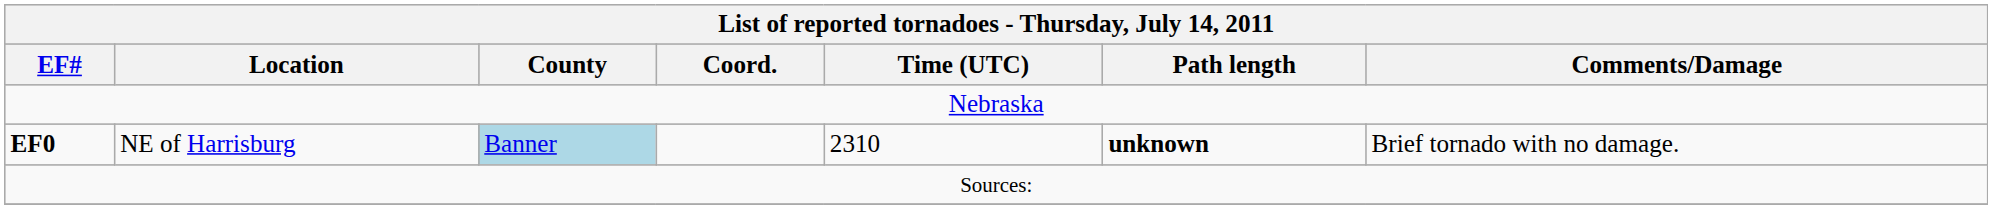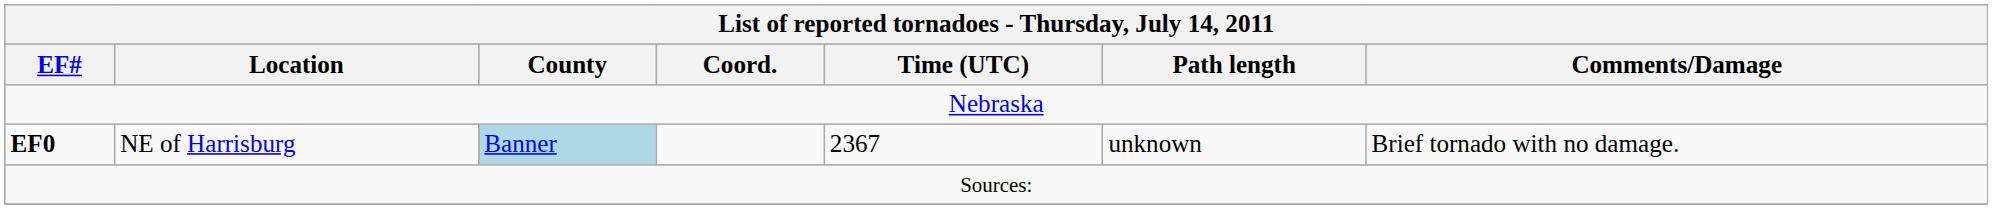 <table class="wikitable collapsible" width="100%">
 <tr>
 <th colspan="7">List of reported tornadoes - Thursday, July 14, 2011</th>
 </tr>
 <tr>
 <th><a href='#'>EF#</a></th>
 <th>Location</th>
 <th>County</th>
 <th>Coord.</th>
 <th>Time (UTC)</th>
 <th>Path length</th>
 <th>Comments/Damage</th>
 </tr>
 <tr>
 <td colspan="7" align=center><a href='#'>Nebraska</a></td>
 </tr>
 <tr>
 <td><strong>EF0</strong></td>
 <td>NE of <a href='#'>Harrisburg</a></td>
 <td style="background: lightblue;"><a href='#'>Banner</a></td>
 <td></td>
-<td>2310</td>
-<td><strong>unknown</strong></td>
+<td>2367</td>
+<td>unknown</td>
 <td>Brief tornado with no damage.</td>
 </tr>
 <tr>
 <td colspan="7" align=center><small>Sources: </small></td>
 </tr>
 <tr>
 </tr>
 </table>
